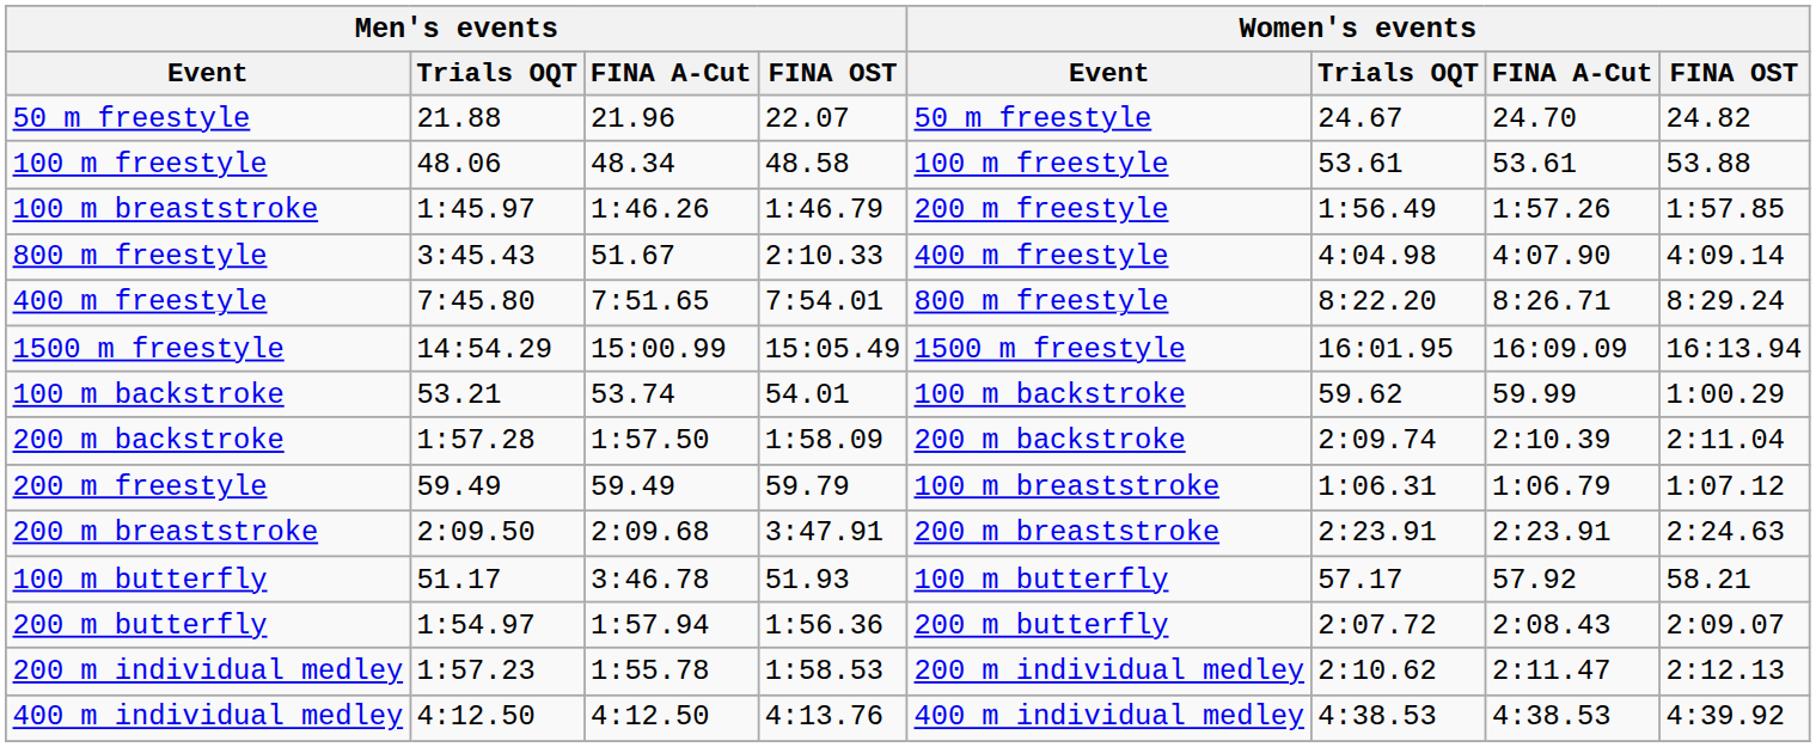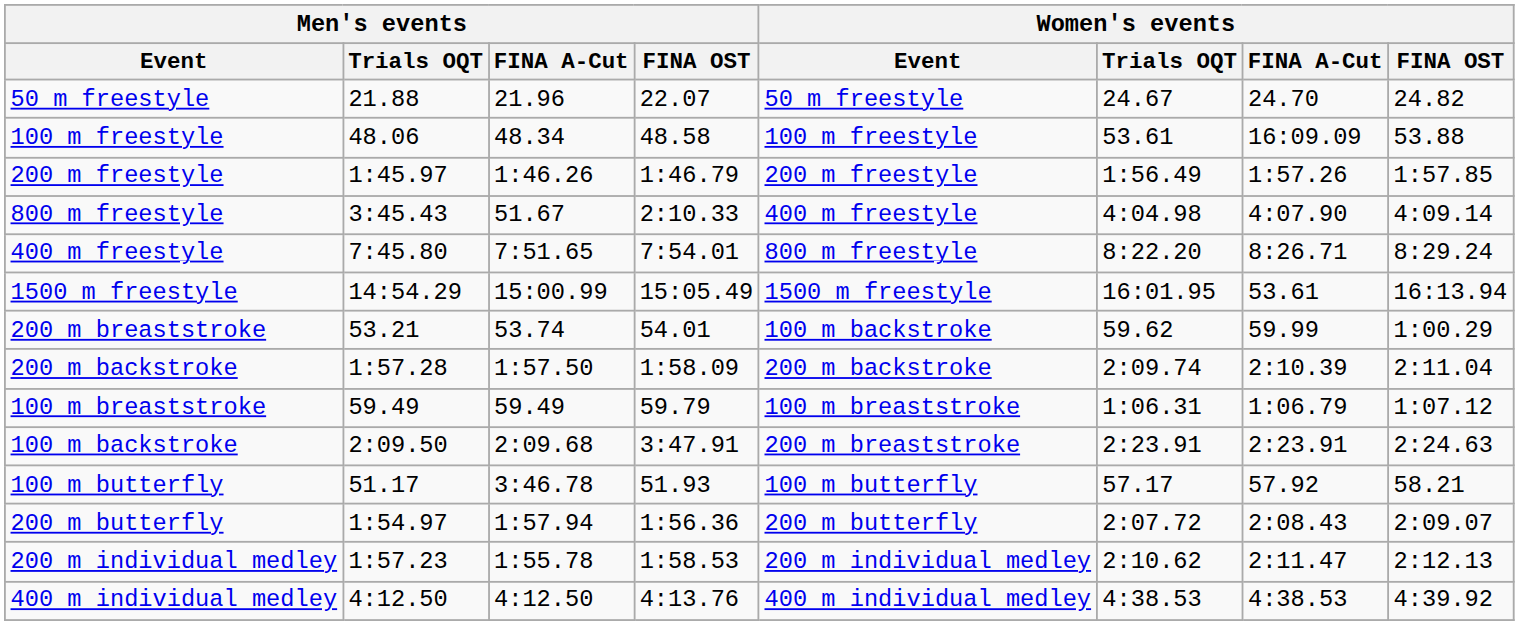 <table class="wikitable">
 <tr>
 <th colspan="4">Men's events</th>
 <th colspan="4">Women's events</th>
 </tr>
 <tr style="font-size:95%">
 <th>Event</th>
 <th>Trials OQT</th>
 <th>FINA A-Cut</th>
 <th>FINA OST</th>
 <th>Event</th>
 <th>Trials OQT</th>
 <th>FINA A-Cut</th>
 <th>FINA OST</th>
 </tr>
 <tr>
 <td><a href='#'>50 m freestyle</a></td>
 <td>21.88</td>
 <td>21.96</td>
 <td>22.07</td>
 <td><a href='#'>50 m freestyle</a></td>
 <td>24.67</td>
 <td>24.70</td>
 <td>24.82</td>
 </tr>
 <tr>
 <td><a href='#'>100 m freestyle</a></td>
 <td>48.06</td>
 <td>48.34</td>
 <td>48.58</td>
 <td><a href='#'>100 m freestyle</a></td>
 <td>53.61</td>
-<td>53.61</td>
+<td>16:09.09</td>
 <td>53.88</td>
 </tr>
 <tr>
-<td><a href='#'>100 m breaststroke</a></td>
+<td><a href='#'>200 m freestyle</a></td>
 <td>1:45.97</td>
 <td>1:46.26</td>
 <td>1:46.79</td>
 <td><a href='#'>200 m freestyle</a></td>
 <td>1:56.49</td>
 <td>1:57.26</td>
 <td>1:57.85</td>
 </tr>
 <tr>
 <td><a href='#'>800 m freestyle</a></td>
 <td>3:45.43</td>
 <td>51.67</td>
 <td>2:10.33</td>
 <td><a href='#'>400 m freestyle</a></td>
 <td>4:04.98</td>
 <td>4:07.90</td>
 <td>4:09.14</td>
 </tr>
 <tr>
 <td><a href='#'>400 m freestyle</a></td>
 <td>7:45.80</td>
 <td>7:51.65</td>
 <td>7:54.01</td>
 <td><a href='#'>800 m freestyle</a></td>
 <td>8:22.20</td>
 <td>8:26.71</td>
 <td>8:29.24</td>
 </tr>
 <tr>
 <td><a href='#'>1500 m freestyle</a></td>
 <td>14:54.29</td>
 <td>15:00.99</td>
 <td>15:05.49</td>
 <td><a href='#'>1500 m freestyle</a></td>
 <td>16:01.95</td>
-<td>16:09.09</td>
+<td>53.61</td>
 <td>16:13.94</td>
 </tr>
 <tr>
-<td><a href='#'>100 m backstroke</a></td>
+<td><a href='#'>200 m breaststroke</a></td>
 <td>53.21</td>
 <td>53.74</td>
 <td>54.01</td>
 <td><a href='#'>100 m backstroke</a></td>
 <td>59.62</td>
 <td>59.99</td>
 <td>1:00.29</td>
 </tr>
 <tr>
 <td><a href='#'>200 m backstroke</a></td>
 <td>1:57.28</td>
 <td>1:57.50</td>
 <td>1:58.09</td>
 <td><a href='#'>200 m backstroke</a></td>
 <td>2:09.74</td>
 <td>2:10.39</td>
 <td>2:11.04</td>
 </tr>
 <tr>
-<td><a href='#'>200 m freestyle</a></td>
+<td><a href='#'>100 m breaststroke</a></td>
 <td>59.49</td>
 <td>59.49</td>
 <td>59.79</td>
 <td><a href='#'>100 m breaststroke</a></td>
 <td>1:06.31</td>
 <td>1:06.79</td>
 <td>1:07.12</td>
 </tr>
 <tr>
-<td><a href='#'>200 m breaststroke</a></td>
+<td><a href='#'>100 m backstroke</a></td>
 <td>2:09.50</td>
 <td>2:09.68</td>
 <td>3:47.91</td>
 <td><a href='#'>200 m breaststroke</a></td>
 <td>2:23.91</td>
 <td>2:23.91</td>
 <td>2:24.63</td>
 </tr>
 <tr>
 <td><a href='#'>100 m butterfly</a></td>
 <td>51.17</td>
 <td>3:46.78</td>
 <td>51.93</td>
 <td><a href='#'>100 m butterfly</a></td>
 <td>57.17</td>
 <td>57.92</td>
 <td>58.21</td>
 </tr>
 <tr>
 <td><a href='#'>200 m butterfly</a></td>
 <td>1:54.97</td>
 <td>1:57.94</td>
 <td>1:56.36</td>
 <td><a href='#'>200 m butterfly</a></td>
 <td>2:07.72</td>
 <td>2:08.43</td>
 <td>2:09.07</td>
 </tr>
 <tr>
 <td><a href='#'>200 m individual medley</a></td>
 <td>1:57.23</td>
 <td>1:55.78</td>
 <td>1:58.53</td>
 <td><a href='#'>200 m individual medley</a></td>
 <td>2:10.62</td>
 <td>2:11.47</td>
 <td>2:12.13</td>
 </tr>
 <tr>
 <td><a href='#'>400 m individual medley</a></td>
 <td>4:12.50</td>
 <td>4:12.50</td>
 <td>4:13.76</td>
 <td><a href='#'>400 m individual medley</a></td>
 <td>4:38.53</td>
 <td>4:38.53</td>
 <td>4:39.92</td>
 </tr>
 </table>
